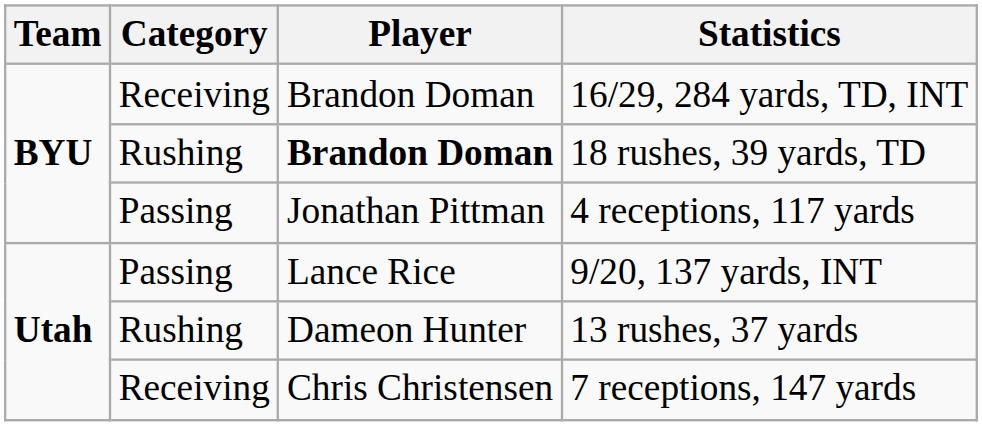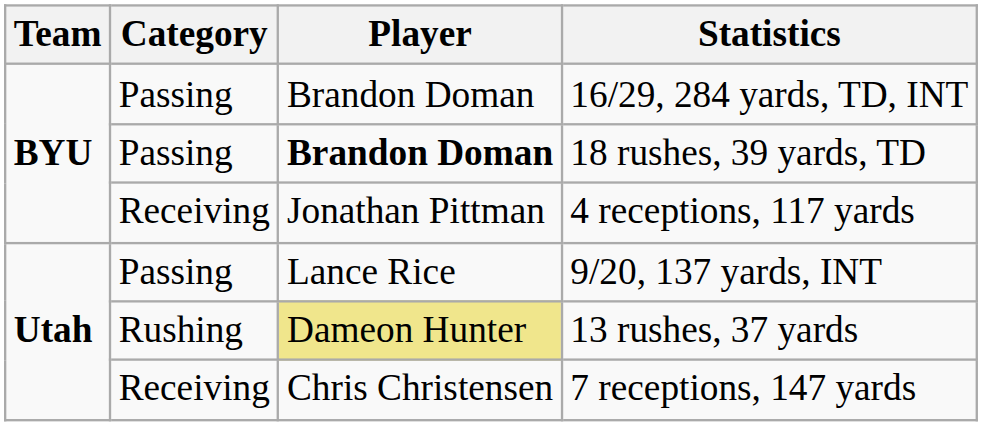 <table class="wikitable" style="float: left;">
 <tr>
 <th>Team</th>
 <th>Category</th>
 <th>Player</th>
 <th>Statistics</th>
 </tr>
 <tr>
 <td rowspan=3><strong>BYU</strong></td>
-<td>Receiving</td>
+<td>Passing</td>
 <td>Brandon Doman</td>
 <td>16/29, 284 yards, TD, INT</td>
 </tr>
 <tr>
-<td>Rushing</td>
+<td>Passing</td>
 <td><strong>Brandon Doman</strong></td>
 <td>18 rushes, 39 yards, TD</td>
 </tr>
 <tr>
-<td>Passing</td>
+<td>Receiving</td>
 <td>Jonathan Pittman</td>
 <td>4 receptions, 117 yards</td>
 </tr>
 <tr>
 <td rowspan=3><strong>Utah</strong></td>
 <td>Passing</td>
 <td>Lance Rice</td>
 <td>9/20, 137 yards, INT</td>
 </tr>
 <tr>
 <td>Rushing</td>
-<td>Dameon Hunter</td>
+<td style="background: khaki;">Dameon Hunter</td>
 <td>13 rushes, 37 yards</td>
 </tr>
 <tr>
 <td>Receiving</td>
 <td>Chris Christensen</td>
 <td>7 receptions, 147 yards</td>
 </tr>
 </table>
